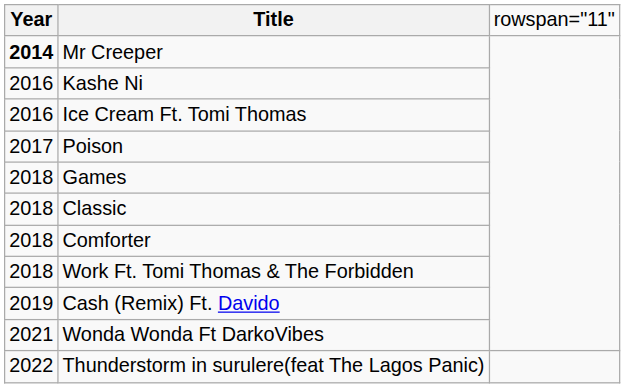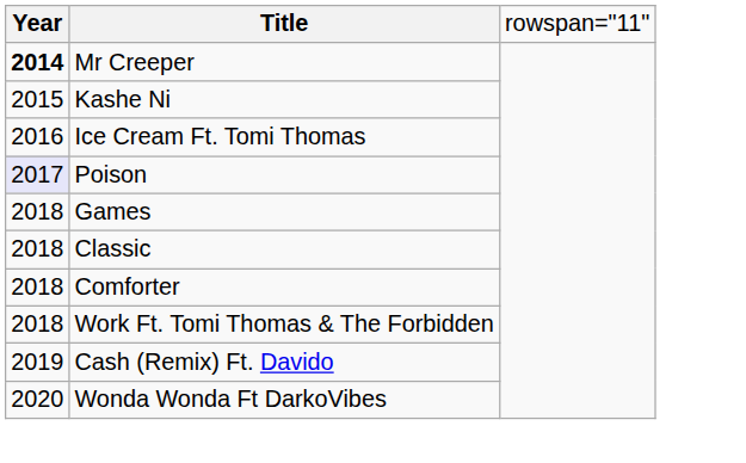 <table class="wikitable">
 <tr>
 <th>Year</th>
 <th>Title</th>
 <td>rowspan="11" </td>
 </tr>
 <tr>
 <td><strong>2014</strong></td>
 <td>Mr Creeper</td>
 </tr>
 <tr>
-<td>2016</td>
+<td>2015</td>
 <td>Kashe Ni</td>
 </tr>
 <tr>
 <td>2016</td>
 <td>Ice Cream Ft. Tomi Thomas</td>
 </tr>
 <tr>
-<td>2017</td>
+<td style="background: lavender;">2017</td>
 <td>Poison</td>
 </tr>
 <tr>
 <td>2018</td>
 <td>Games</td>
 </tr>
 <tr>
 <td>2018</td>
 <td>Classic</td>
 </tr>
 <tr>
 <td>2018</td>
 <td>Comforter</td>
 </tr>
 <tr>
 <td>2018</td>
 <td>Work Ft. Tomi Thomas & The Forbidden</td>
 </tr>
 <tr>
 <td>2019</td>
 <td>Cash (Remix) Ft. <a href='#'>Davido</a></td>
 </tr>
 <tr>
-<td>2021</td>
+<td>2020</td>
 <td>Wonda Wonda Ft DarkoVibes</td>
 </tr>
-<tr>
-<td>2022</td>
-<td>Thunderstorm in surulere(feat The Lagos Panic)</td>
-<td></td>
-</tr>
 </table>
